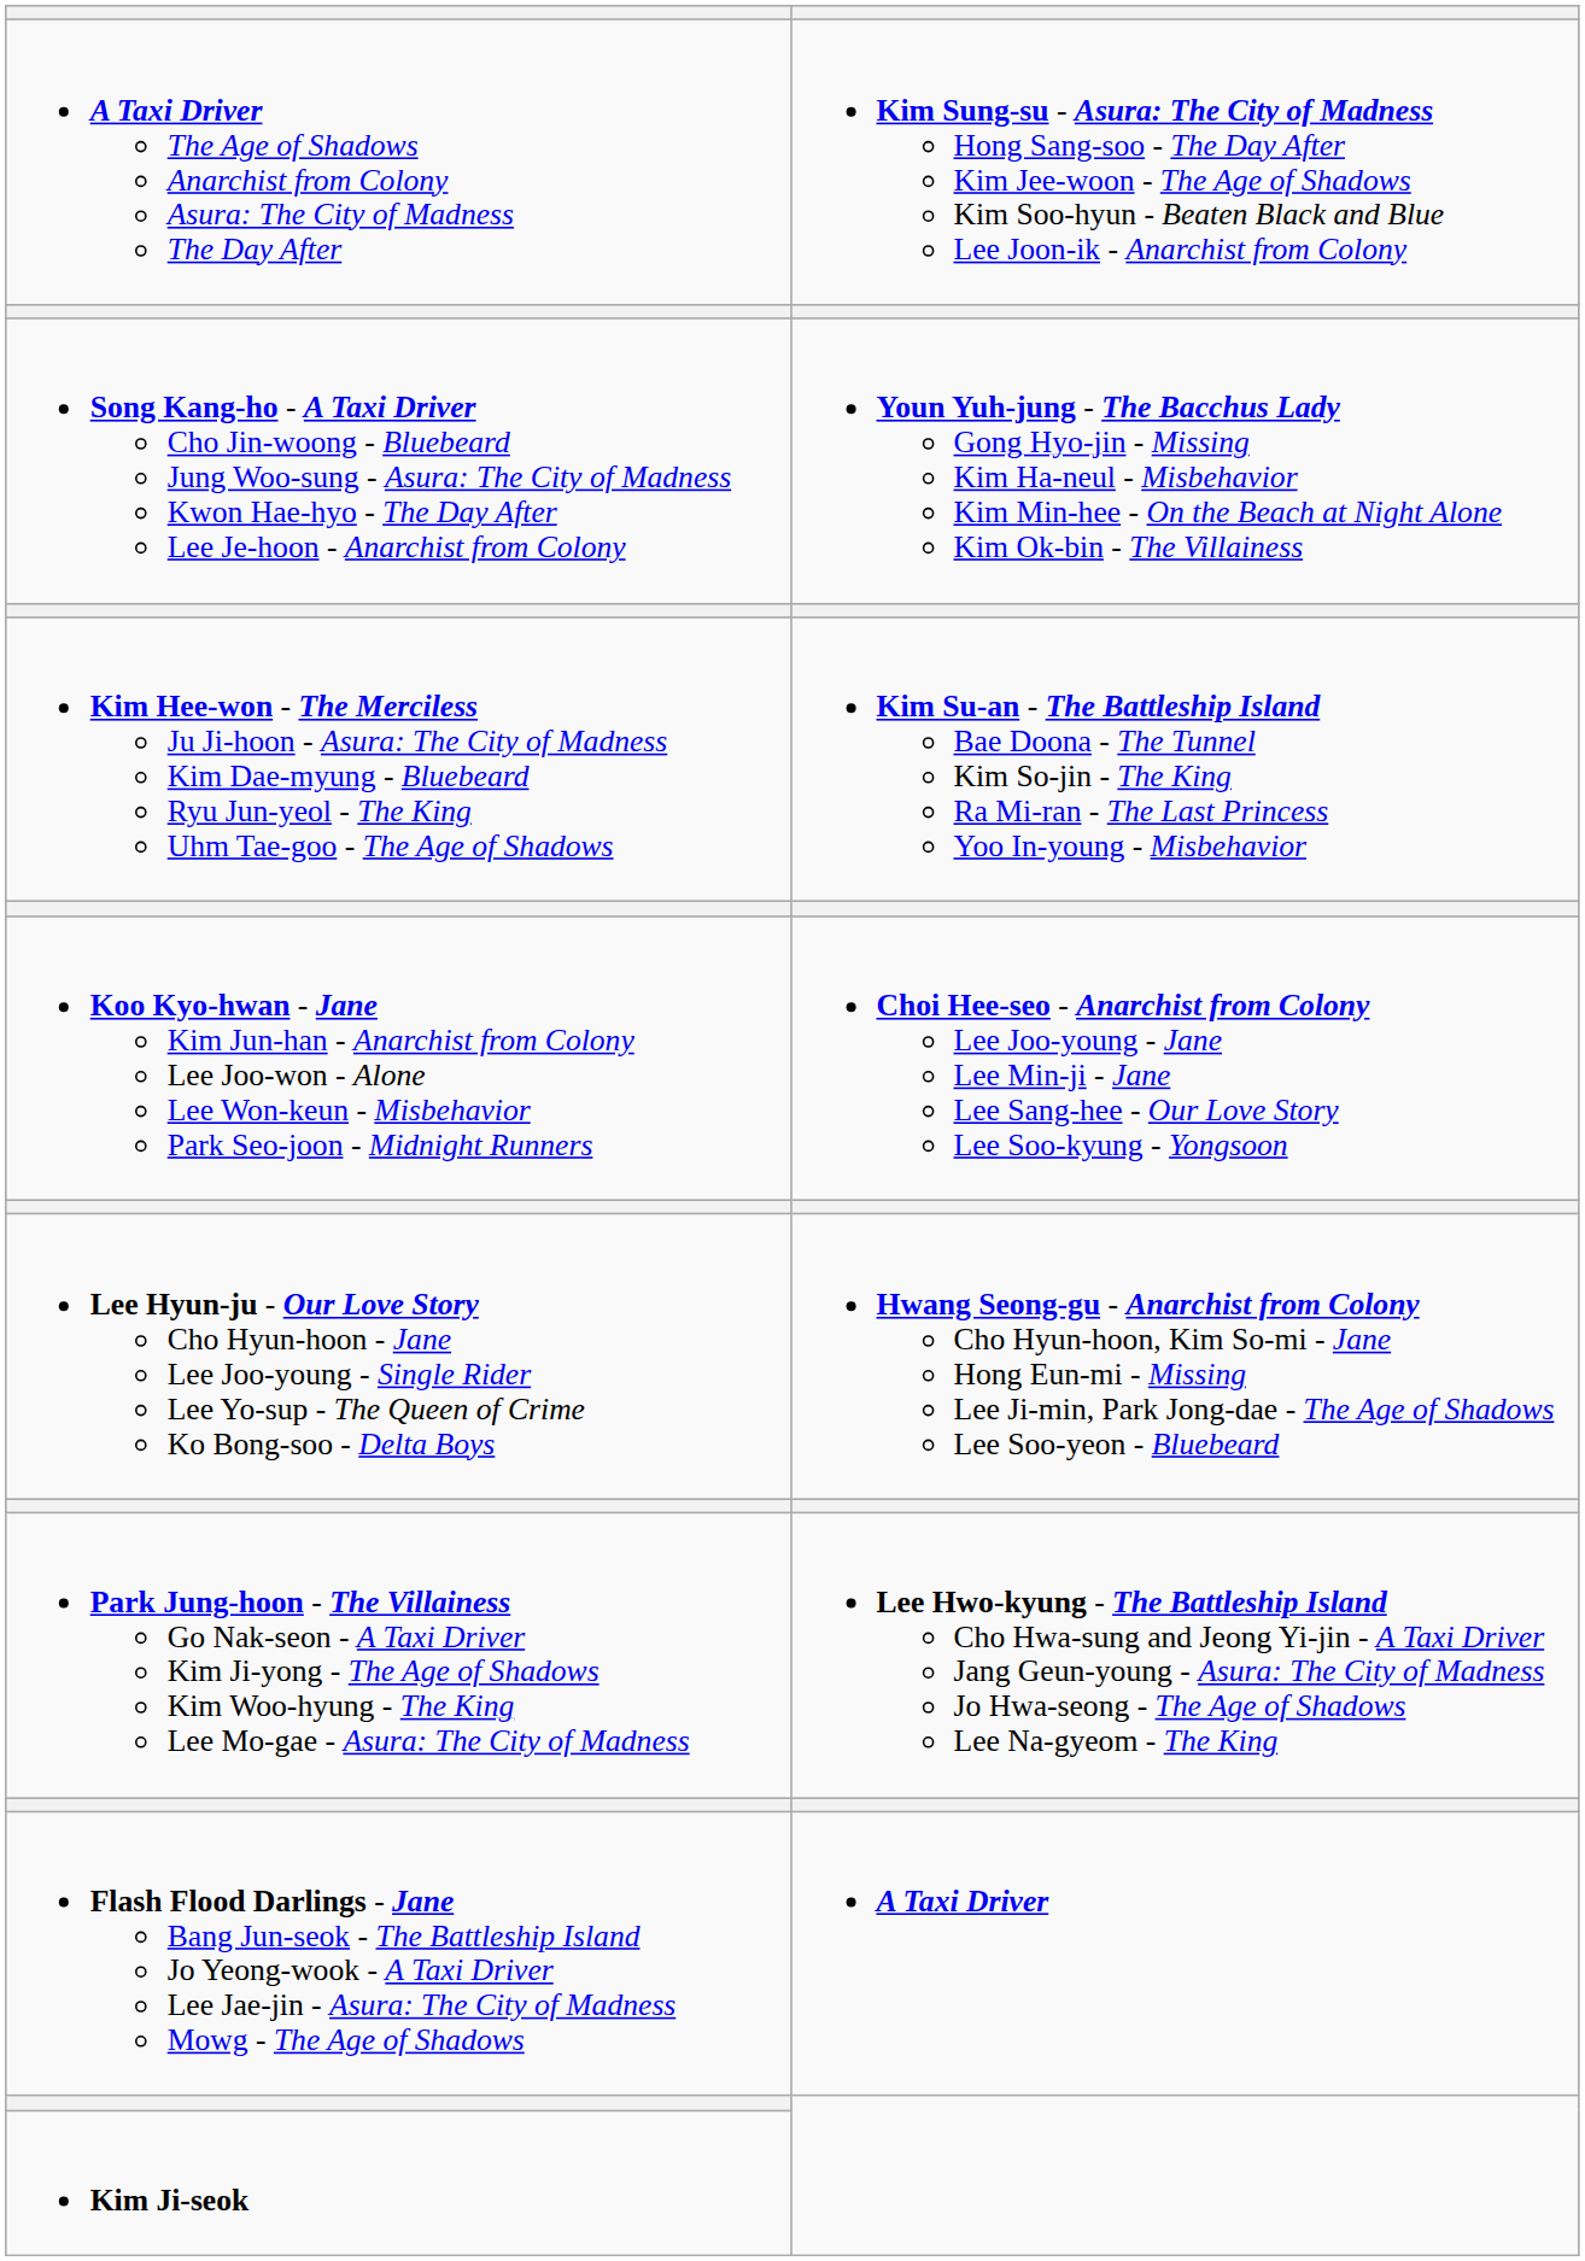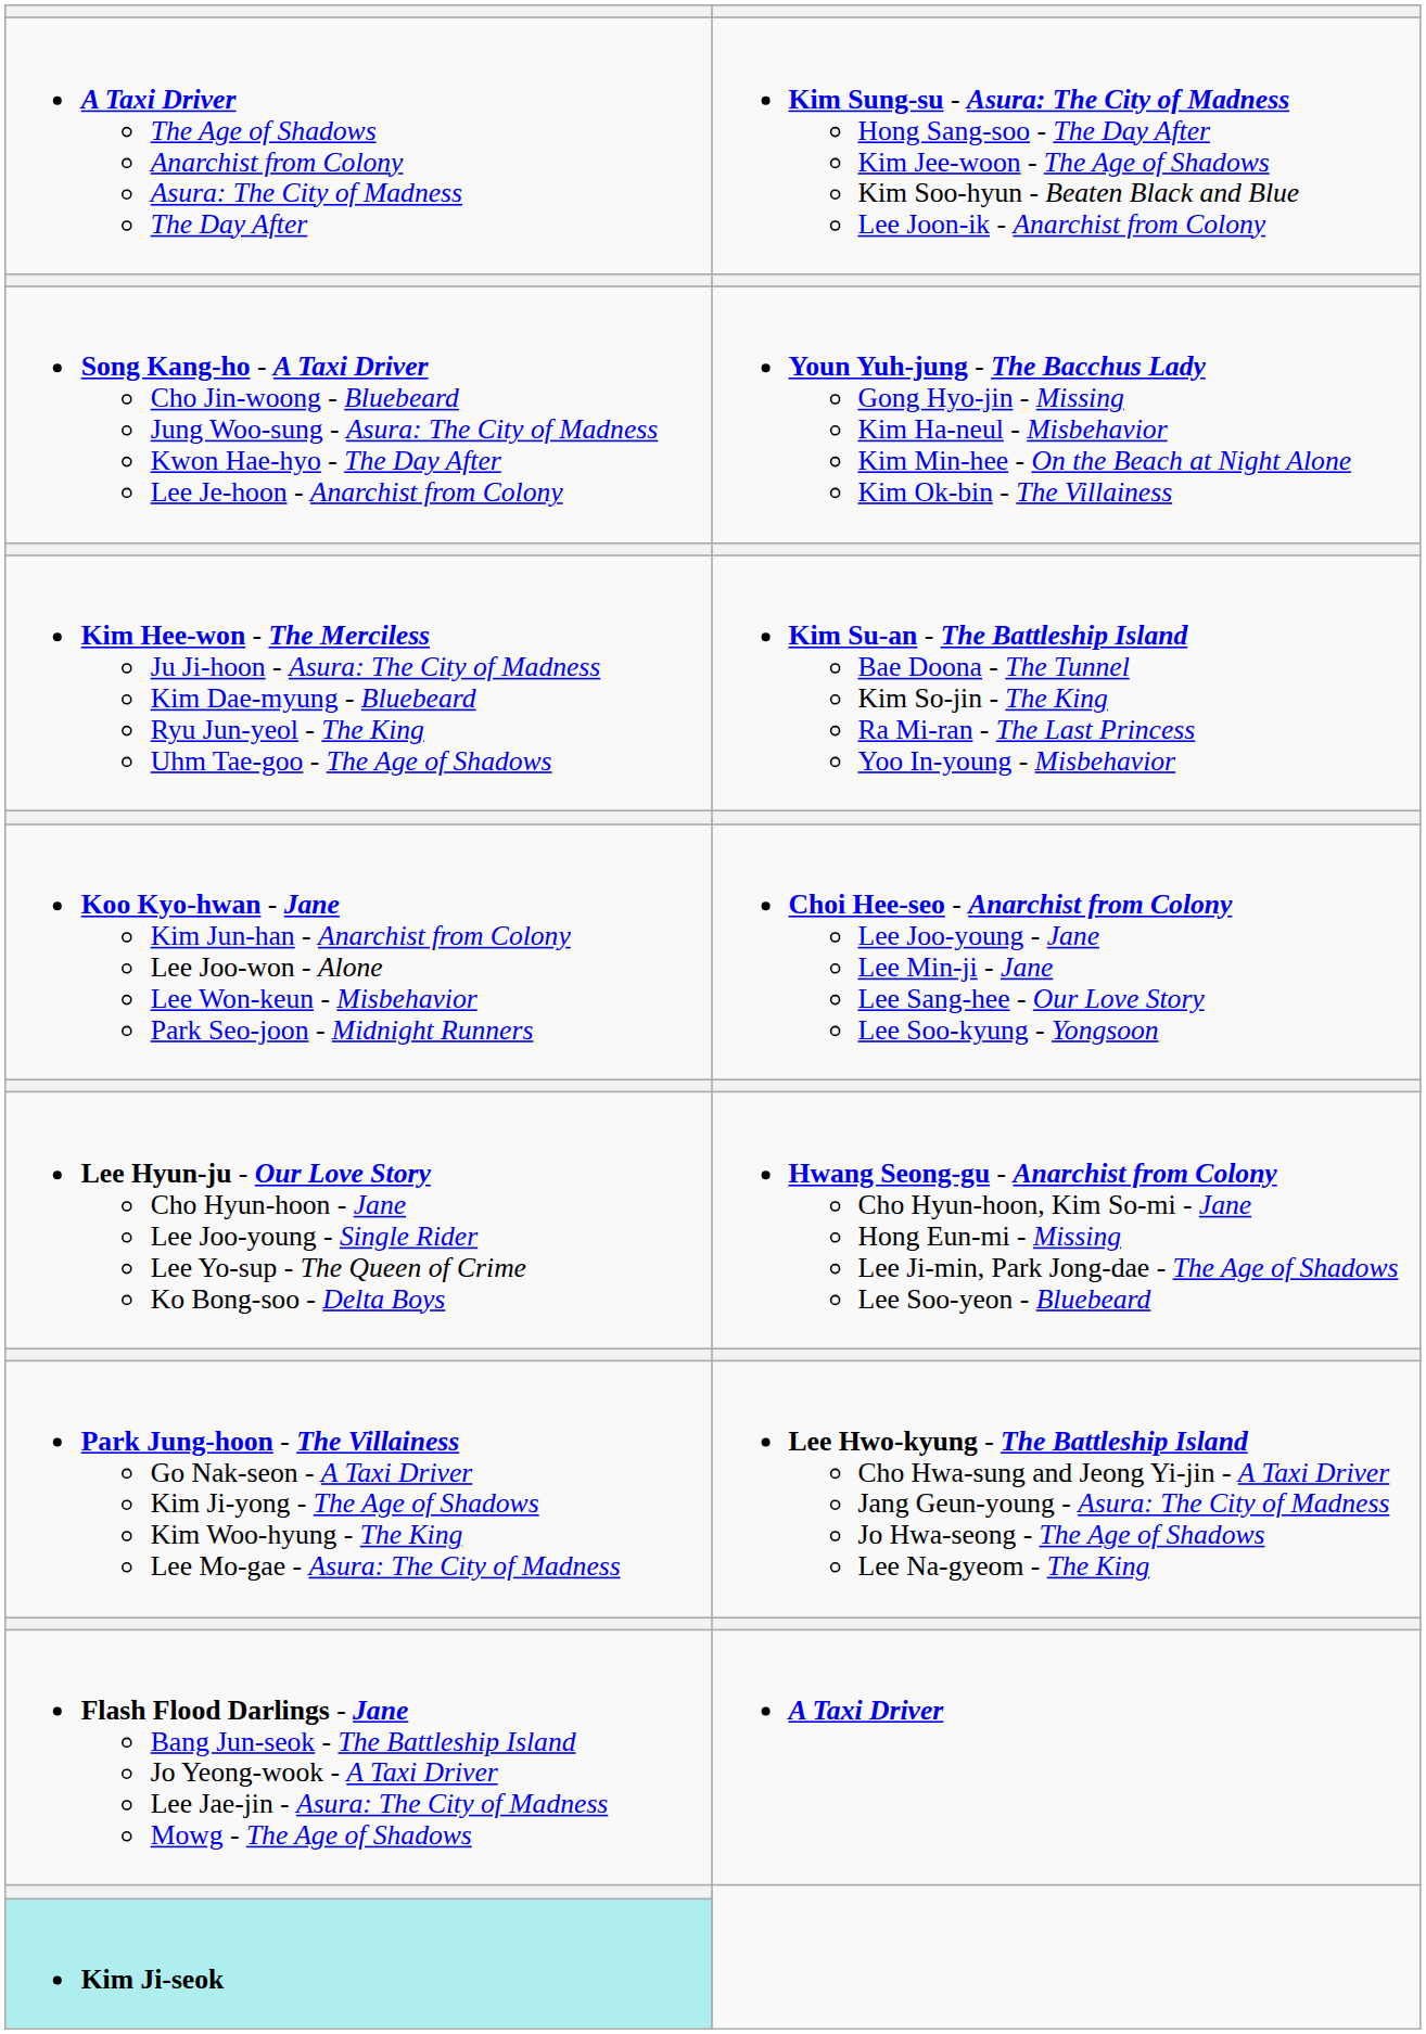 <table class="wikitable">
 <tr>
 <th style="width:400px;"></th>
 <th style="width:400px;"></th>
 </tr>
 <tr>
 <td valign="top"><br><ul><li><strong><em><a href='#'>A Taxi Driver</a></em></strong><ul><li><em><a href='#'>The Age of Shadows</a></em></li><li><em><a href='#'>Anarchist from Colony</a></em></li><li><em><a href='#'>Asura: The City of Madness</a></em></li><li><em><a href='#'>The Day After</a></em></li></ul></li></ul></td>
 <td valign="top"><br><ul><li><strong><a href='#'>Kim Sung-su</a></strong> - <strong><em><a href='#'>Asura: The City of Madness</a></em></strong><ul><li><a href='#'>Hong Sang-soo</a> - <em><a href='#'>The Day After</a></em></li><li><a href='#'>Kim Jee-woon</a> - <em><a href='#'>The Age of Shadows</a></em></li><li>Kim Soo-hyun - <em>Beaten Black and Blue</em></li><li><a href='#'>Lee Joon-ik</a> - <em><a href='#'>Anarchist from Colony</a></em></li></ul></li></ul></td>
 </tr>
 <tr>
 <th></th>
 <th></th>
 </tr>
 <tr>
 <td valign="top"><br><ul><li><strong><a href='#'>Song Kang-ho</a></strong> - <strong><em><a href='#'>A Taxi Driver</a></em></strong><ul><li><a href='#'>Cho Jin-woong</a> - <em><a href='#'>Bluebeard</a></em></li><li><a href='#'>Jung Woo-sung</a> - <em><a href='#'>Asura: The City of Madness</a></em></li><li><a href='#'>Kwon Hae-hyo</a> - <em><a href='#'>The Day After</a></em></li><li><a href='#'>Lee Je-hoon</a> - <em><a href='#'>Anarchist from Colony</a></em></li></ul></li></ul></td>
 <td valign="top"><br><ul><li><strong><a href='#'>Youn Yuh-jung</a></strong> - <strong><em><a href='#'>The Bacchus Lady</a></em></strong><ul><li><a href='#'>Gong Hyo-jin</a> - <em><a href='#'>Missing</a></em></li><li><a href='#'>Kim Ha-neul</a> - <em><a href='#'>Misbehavior</a></em></li><li><a href='#'>Kim Min-hee</a> - <em><a href='#'>On the Beach at Night Alone</a></em></li><li><a href='#'>Kim Ok-bin</a> - <em><a href='#'>The Villainess</a></em></li></ul></li></ul></td>
 </tr>
 <tr>
 <th></th>
 <th></th>
 </tr>
 <tr>
 <td valign="top"><br><ul><li><strong><a href='#'>Kim Hee-won</a></strong> - <strong><em><a href='#'>The Merciless</a></em></strong><ul><li><a href='#'>Ju Ji-hoon</a> - <em><a href='#'>Asura: The City of Madness</a></em></li><li><a href='#'>Kim Dae-myung</a> - <em><a href='#'>Bluebeard</a></em></li><li><a href='#'>Ryu Jun-yeol</a> - <em><a href='#'>The King</a></em></li><li><a href='#'>Uhm Tae-goo</a> - <em><a href='#'>The Age of Shadows</a></em></li></ul></li></ul></td>
 <td valign="top"><br><ul><li><strong><a href='#'>Kim Su-an</a></strong> - <strong><em><a href='#'>The Battleship Island</a></em></strong><ul><li><a href='#'>Bae Doona</a> - <em><a href='#'>The Tunnel</a></em></li><li>Kim So-jin - <em><a href='#'>The King</a></em></li><li><a href='#'>Ra Mi-ran</a> - <em><a href='#'>The Last Princess</a></em></li><li><a href='#'>Yoo In-young</a> - <em><a href='#'>Misbehavior</a></em></li></ul></li></ul></td>
 </tr>
 <tr>
 <th></th>
 <th></th>
 </tr>
 <tr>
 <td valign="top"><br><ul><li><strong><a href='#'>Koo Kyo-hwan</a></strong> - <strong><em><a href='#'>Jane</a></em></strong><ul><li><a href='#'>Kim Jun-han</a> - <em><a href='#'>Anarchist from Colony</a></em></li><li>Lee Joo-won - <em>Alone</em></li><li><a href='#'>Lee Won-keun</a> - <em><a href='#'>Misbehavior</a></em></li><li><a href='#'>Park Seo-joon</a> - <em><a href='#'>Midnight Runners</a></em></li></ul></li></ul></td>
 <td valign="top"><br><ul><li><strong><a href='#'>Choi Hee-seo</a></strong> - <strong><em><a href='#'>Anarchist from Colony</a></em></strong><ul><li><a href='#'>Lee Joo-young</a> - <em><a href='#'>Jane</a></em></li><li><a href='#'>Lee Min-ji</a> - <em><a href='#'>Jane</a></em></li><li><a href='#'>Lee Sang-hee</a> - <em><a href='#'>Our Love Story</a></em></li><li><a href='#'>Lee Soo-kyung</a> - <em><a href='#'>Yongsoon</a></em></li></ul></li></ul></td>
 </tr>
 <tr>
 <th></th>
 <th></th>
 </tr>
 <tr>
 <td valign="top"><br><ul><li><strong>Lee Hyun-ju</strong> - <strong><em><a href='#'>Our Love Story</a></em></strong><ul><li>Cho Hyun-hoon - <em><a href='#'>Jane</a></em></li><li>Lee Joo-young - <em><a href='#'>Single Rider</a></em></li><li>Lee Yo-sup - <em>The Queen of Crime</em></li><li>Ko Bong-soo - <em><a href='#'>Delta Boys</a></em></li></ul></li></ul></td>
 <td valign="top"><br><ul><li><strong><a href='#'>Hwang Seong-gu</a></strong> - <strong><em><a href='#'>Anarchist from Colony</a></em></strong><ul><li>Cho Hyun-hoon, Kim So-mi - <em><a href='#'>Jane</a></em></li><li>Hong Eun-mi - <em><a href='#'>Missing</a></em></li><li>Lee Ji-min, Park Jong-dae - <em><a href='#'>The Age of Shadows</a></em></li><li>Lee Soo-yeon - <em><a href='#'>Bluebeard</a></em></li></ul></li></ul></td>
 </tr>
 <tr>
 <th></th>
 <th></th>
 </tr>
 <tr>
 <td valign="top"><br><ul><li><strong><a href='#'>Park Jung-hoon</a></strong> - <strong><em><a href='#'>The Villainess</a></em></strong><ul><li>Go Nak-seon - <em><a href='#'>A Taxi Driver</a></em></li><li>Kim Ji-yong - <em><a href='#'>The Age of Shadows</a></em></li><li>Kim Woo-hyung - <em><a href='#'>The King</a></em></li><li>Lee Mo-gae - <em><a href='#'>Asura: The City of Madness</a></em></li></ul></li></ul></td>
 <td valign="top"><br><ul><li><strong>Lee Hwo-kyung</strong> - <strong><em><a href='#'>The Battleship Island</a></em></strong><ul><li>Cho Hwa-sung and Jeong Yi-jin - <em><a href='#'>A Taxi Driver</a></em></li><li>Jang Geun-young - <em><a href='#'>Asura: The City of Madness</a></em></li><li>Jo Hwa-seong - <em><a href='#'>The Age of Shadows</a></em></li><li>Lee Na-gyeom - <em><a href='#'>The King</a></em></li></ul></li></ul></td>
 </tr>
 <tr>
 <th></th>
 <th></th>
 </tr>
 <tr>
 <td valign="top"><br><ul><li><strong>Flash Flood Darlings</strong> - <strong><em><a href='#'>Jane</a></em></strong><ul><li><a href='#'>Bang Jun-seok</a>  - <em><a href='#'>The Battleship Island</a></em></li><li>Jo Yeong-wook - <em><a href='#'>A Taxi Driver</a></em></li><li>Lee Jae-jin - <em><a href='#'>Asura: The City of Madness</a></em></li><li><a href='#'>Mowg</a> - <em><a href='#'>The Age of Shadows</a></em></li></ul></li></ul></td>
 <td valign="top"><br><ul><li><strong><em><a href='#'>A Taxi Driver</a></em></strong></li></ul></td>
 </tr>
 <tr>
 <th></th>
 </tr>
 <tr>
-<td valign="top"><br><ul><li><strong>Kim Ji-seok</strong></li></ul></td>
+<td valign="top" style="background: paleturquoise;"><br><ul><li><strong>Kim Ji-seok</strong></li></ul></td>
 </tr>
 </table>
